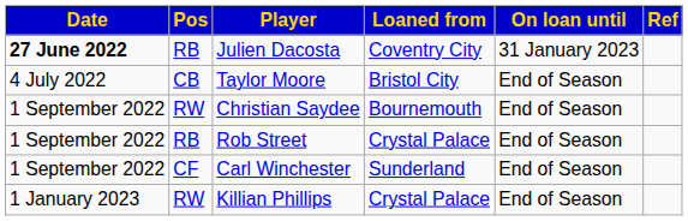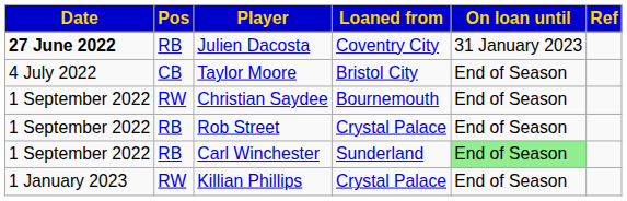 <table class="wikitable plainrowheaders sortable">
 <tr>
 <th style="background:#0000CD; color:#FFD700; ">Date</th>
 <th style="background:#0000CD; color:#FFD700; ">Pos</th>
 <th style="background:#0000CD; color:#FFD700; ">Player</th>
 <th style="background:#0000CD; color:#FFD700; ">Loaned from</th>
 <th style="background:#0000CD; color:#FFD700; ">On loan until</th>
 <th style="background:#0000CD; color:#FFD700; ">Ref</th>
 </tr>
 <tr>
 <td><strong>27 June 2022</strong></td>
 <td><a href='#'>RB</a></td>
 <td> <a href='#'>Julien Dacosta</a></td>
 <td> <a href='#'>Coventry City</a></td>
 <td>31 January 2023</td>
 <td></td>
 </tr>
 <tr>
 <td>4 July 2022</td>
 <td><a href='#'>CB</a></td>
 <td> <a href='#'>Taylor Moore</a></td>
 <td> <a href='#'>Bristol City</a></td>
 <td>End of Season</td>
 <td></td>
 </tr>
 <tr>
 <td>1 September 2022</td>
 <td><a href='#'>RW</a></td>
 <td> <a href='#'>Christian Saydee</a></td>
 <td> <a href='#'>Bournemouth</a></td>
 <td>End of Season</td>
 <td></td>
 </tr>
 <tr>
 <td>1 September 2022</td>
 <td><a href='#'>RB</a></td>
 <td> <a href='#'>Rob Street</a></td>
 <td> <a href='#'>Crystal Palace</a></td>
 <td>End of Season</td>
 <td></td>
 </tr>
 <tr>
 <td>1 September 2022</td>
-<td><a href='#'>CF</a></td>
+<td><a href='#'>RB</a></td>
 <td> <a href='#'>Carl Winchester</a></td>
 <td> <a href='#'>Sunderland</a></td>
-<td>End of Season</td>
+<td style="background: lightgreen;">End of Season</td>
 <td></td>
 </tr>
 <tr>
 <td>1 January 2023</td>
 <td><a href='#'>RW</a></td>
 <td> <a href='#'>Killian Phillips</a></td>
 <td> <a href='#'>Crystal Palace</a></td>
 <td>End of Season</td>
 <td></td>
 </tr>
 </table>
